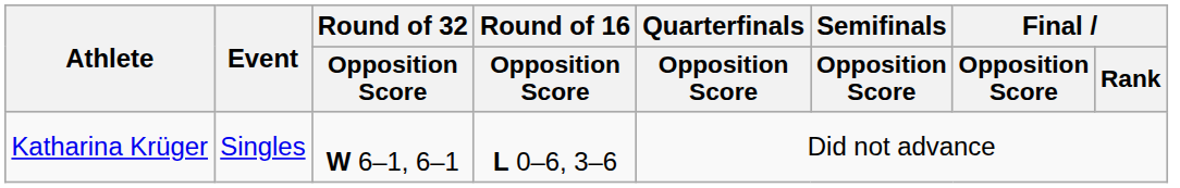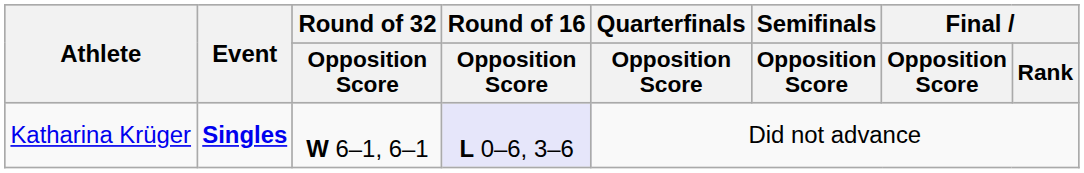 <table class=wikitable style="font-size:90%">
 <tr>
 <th rowspan="2">Athlete</th>
 <th rowspan="2">Event</th>
 <th>Round of 32</th>
 <th>Round of 16</th>
 <th>Quarterfinals</th>
 <th>Semifinals</th>
 <th colspan=2>Final / </th>
 </tr>
 <tr style="font-size:95%">
 <th>Opposition<br>Score</th>
 <th>Opposition<br>Score</th>
 <th>Opposition<br>Score</th>
 <th>Opposition<br>Score</th>
 <th>Opposition<br>Score</th>
 <th>Rank</th>
 </tr>
 <tr align=center>
 <td align=left><a href='#'>Katharina Krüger</a></td>
-<td align=left><a href='#'>Singles</a></td>
+<td align=left><strong><a href='#'>Singles</a></strong></td>
 <td><br><strong>W</strong> 6–1, 6–1</td>
-<td><br><strong>L</strong> 0–6, 3–6</td>
+<td style="background: lavender;"><br><strong>L</strong> 0–6, 3–6</td>
 <td colspan=4>Did not advance</td>
 </tr>
 </table>
